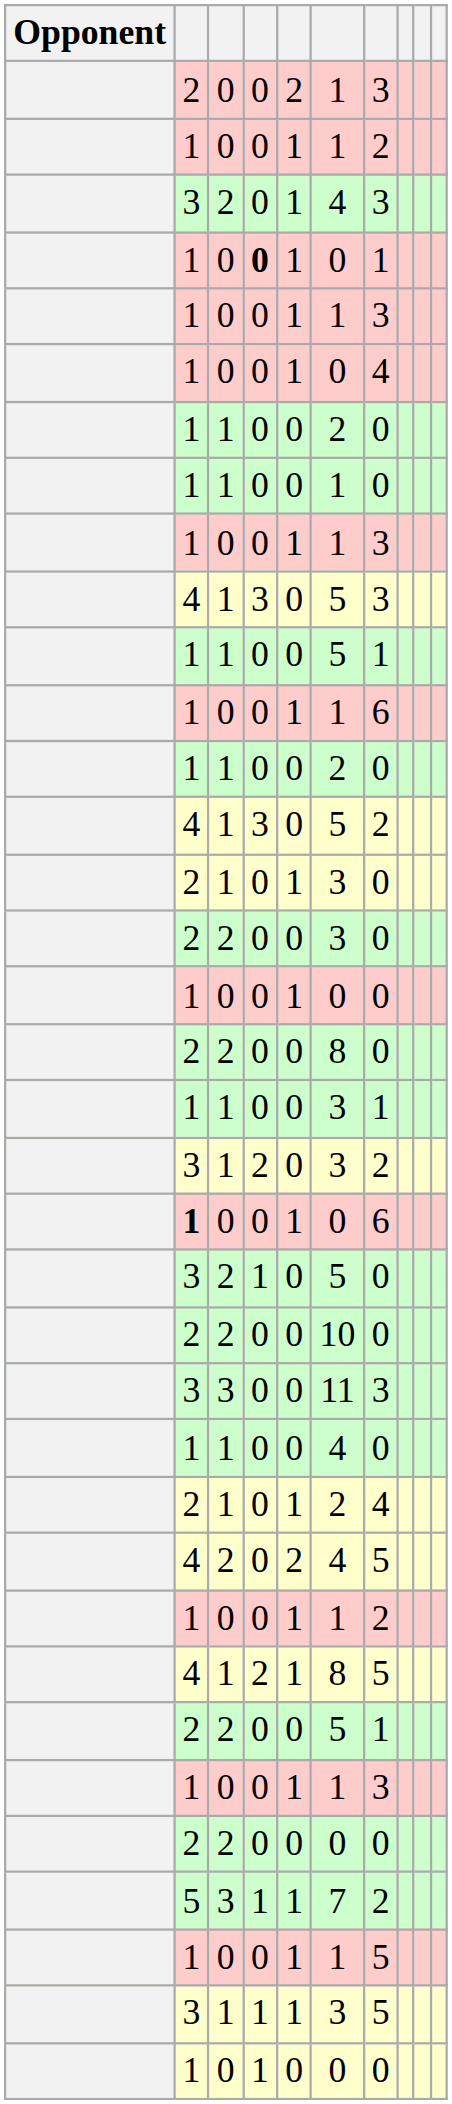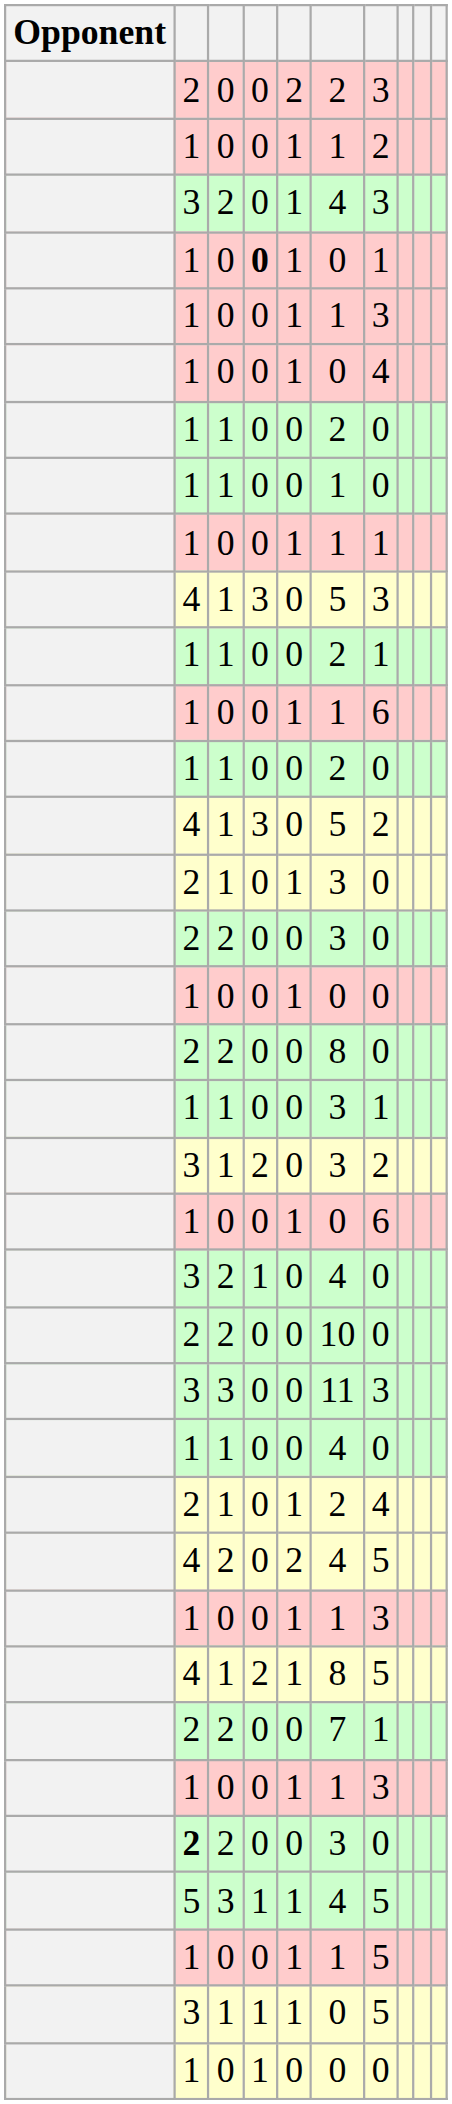 <table class="wikitable plainrowheaders sortable" style="text-align:center">
 <tr>
 <th scope=col>Opponent</th>
 <th scope=col></th>
 <th scope=col></th>
 <th scope=col></th>
 <th scope=col></th>
 <th scope=col></th>
 <th scope=col></th>
 <th scope=col></th>
 <th scope=col></th>
 <th scope=col></th>
 </tr>
 <tr bgcolor=FFCCCC>
 <th scope=row style="text-align:left;"></th>
 <td>2</td>
 <td>0</td>
 <td>0</td>
 <td>2</td>
-<td>1</td>
+<td>2</td>
 <td>3</td>
 <td></td>
 <td></td>
 <td></td>
 </tr>
 <tr bgcolor=FFCCCC>
 <th scope=row style="text-align:left;"></th>
 <td>1</td>
 <td>0</td>
 <td>0</td>
 <td>1</td>
 <td>1</td>
 <td>2</td>
 <td></td>
 <td></td>
 <td></td>
 </tr>
 <tr bgcolor=CCFFCC>
 <th scope=row style="text-align:left;"></th>
 <td>3</td>
 <td>2</td>
 <td>0</td>
 <td>1</td>
 <td>4</td>
 <td>3</td>
 <td></td>
 <td></td>
 <td></td>
 </tr>
 <tr bgcolor=FFCCCC>
 <th scope=row style="text-align:left;"></th>
 <td>1</td>
 <td>0</td>
 <td><strong>0</strong></td>
 <td>1</td>
 <td>0</td>
 <td>1</td>
 <td></td>
 <td></td>
 <td></td>
 </tr>
 <tr bgcolor=FFCCCC>
 <th scope=row style="text-align:left;"></th>
 <td>1</td>
 <td>0</td>
 <td>0</td>
 <td>1</td>
 <td>1</td>
 <td>3</td>
 <td></td>
 <td></td>
 <td></td>
 </tr>
 <tr bgcolor=FFCCCC>
 <th scope=row style="text-align:left;"></th>
 <td>1</td>
 <td>0</td>
 <td>0</td>
 <td>1</td>
 <td>0</td>
 <td>4</td>
 <td></td>
 <td></td>
 <td></td>
 </tr>
 <tr bgcolor=CCFFCC>
 <th scope=row style="text-align:left;"></th>
 <td>1</td>
 <td>1</td>
 <td>0</td>
 <td>0</td>
 <td>2</td>
 <td>0</td>
 <td></td>
 <td></td>
 <td></td>
 </tr>
 <tr bgcolor=CCFFCC>
 <th scope=row style="text-align:left;"></th>
 <td>1</td>
 <td>1</td>
 <td>0</td>
 <td>0</td>
 <td>1</td>
 <td>0</td>
 <td></td>
 <td></td>
 <td></td>
 </tr>
 <tr bgcolor=FFCCCC>
 <th scope=row style="text-align:left;"></th>
 <td>1</td>
 <td>0</td>
 <td>0</td>
 <td>1</td>
 <td>1</td>
-<td>3</td>
+<td>1</td>
 <td></td>
 <td></td>
 <td></td>
 </tr>
 <tr bgcolor=FFFFCC>
 <th scope=row style="text-align:left;"></th>
 <td>4</td>
 <td>1</td>
 <td>3</td>
 <td>0</td>
 <td>5</td>
 <td>3</td>
 <td></td>
 <td></td>
 <td></td>
 </tr>
 <tr bgcolor=CCFFCC>
 <th scope=row style="text-align:left;"></th>
 <td>1</td>
 <td>1</td>
 <td>0</td>
 <td>0</td>
-<td>5</td>
+<td>2</td>
 <td>1</td>
 <td></td>
 <td></td>
 <td></td>
 </tr>
 <tr bgcolor=FFCCCC>
 <th scope=row style="text-align:left;"></th>
 <td>1</td>
 <td>0</td>
 <td>0</td>
 <td>1</td>
 <td>1</td>
 <td>6</td>
 <td></td>
 <td></td>
 <td></td>
 </tr>
 <tr bgcolor=CCFFCC>
 <th scope=row style="text-align:left;"></th>
 <td>1</td>
 <td>1</td>
 <td>0</td>
 <td>0</td>
 <td>2</td>
 <td>0</td>
 <td></td>
 <td></td>
 <td></td>
 </tr>
 <tr bgcolor=FFFFCC>
 <th scope=row style="text-align:left;"></th>
 <td>4</td>
 <td>1</td>
 <td>3</td>
 <td>0</td>
 <td>5</td>
 <td>2</td>
 <td></td>
 <td></td>
 <td></td>
 </tr>
 <tr bgcolor=FFFFCC>
 <th scope=row style="text-align:left;"></th>
 <td>2</td>
 <td>1</td>
 <td>0</td>
 <td>1</td>
 <td>3</td>
 <td>0</td>
 <td></td>
 <td></td>
 <td></td>
 </tr>
 <tr bgcolor=CCFFCC>
 <th scope=row style="text-align:left;"></th>
 <td>2</td>
 <td>2</td>
 <td>0</td>
 <td>0</td>
 <td>3</td>
 <td>0</td>
 <td></td>
 <td></td>
 <td></td>
 </tr>
 <tr bgcolor=FFCCCC>
 <th scope=row style="text-align:left;"></th>
 <td>1</td>
 <td>0</td>
 <td>0</td>
 <td>1</td>
 <td>0</td>
 <td>0</td>
 <td></td>
 <td></td>
 <td></td>
 </tr>
 <tr bgcolor=CCFFCC>
 <th scope=row style="text-align:left;"></th>
 <td>2</td>
 <td>2</td>
 <td>0</td>
 <td>0</td>
 <td>8</td>
 <td>0</td>
 <td></td>
 <td></td>
 <td></td>
 </tr>
 <tr bgcolor=CCFFCC>
 <th scope=row style="text-align:left;"></th>
 <td>1</td>
 <td>1</td>
 <td>0</td>
 <td>0</td>
 <td>3</td>
 <td>1</td>
 <td></td>
 <td></td>
 <td></td>
 </tr>
 <tr bgcolor=FFFFCC>
 <th scope=row style="text-align:left;"></th>
 <td>3</td>
 <td>1</td>
 <td>2</td>
 <td>0</td>
 <td>3</td>
 <td>2</td>
 <td></td>
 <td></td>
 <td></td>
 </tr>
 <tr bgcolor=FFCCCC>
 <th scope=row style="text-align:left;"></th>
-<td><strong>1</strong></td>
+<td>1</td>
 <td>0</td>
 <td>0</td>
 <td>1</td>
 <td>0</td>
 <td>6</td>
 <td></td>
 <td></td>
 <td></td>
 </tr>
 <tr bgcolor=CCFFCC>
 <th scope=row style="text-align:left;"></th>
 <td>3</td>
 <td>2</td>
 <td>1</td>
 <td>0</td>
-<td>5</td>
+<td>4</td>
 <td>0</td>
 <td></td>
 <td></td>
 <td></td>
 </tr>
 <tr bgcolor=CCFFCC>
 <th scope=row style="text-align:left;"></th>
 <td>2</td>
 <td>2</td>
 <td>0</td>
 <td>0</td>
 <td>10</td>
 <td>0</td>
 <td></td>
 <td></td>
 <td></td>
 </tr>
 <tr bgcolor=CCFFCC>
 <th scope=row style="text-align:left;"></th>
 <td>3</td>
 <td>3</td>
 <td>0</td>
 <td>0</td>
 <td>11</td>
 <td>3</td>
 <td></td>
 <td></td>
 <td></td>
 </tr>
 <tr bgcolor=CCFFCC>
 <th scope=row style="text-align:left;"></th>
 <td>1</td>
 <td>1</td>
 <td>0</td>
 <td>0</td>
 <td>4</td>
 <td>0</td>
 <td></td>
 <td></td>
 <td></td>
 </tr>
 <tr bgcolor=FFFFCC>
 <th scope=row style="text-align:left;"></th>
 <td>2</td>
 <td>1</td>
 <td>0</td>
 <td>1</td>
 <td>2</td>
 <td>4</td>
 <td></td>
 <td></td>
 <td></td>
 </tr>
 <tr bgcolor=FFFFCC>
 <th scope=row style="text-align:left;"></th>
 <td>4</td>
 <td>2</td>
 <td>0</td>
 <td>2</td>
 <td>4</td>
 <td>5</td>
 <td></td>
 <td></td>
 <td></td>
 </tr>
 <tr bgcolor=FFCCCC>
 <th scope=row style="text-align:left;"></th>
 <td>1</td>
 <td>0</td>
 <td>0</td>
 <td>1</td>
 <td>1</td>
-<td>2</td>
+<td>3</td>
 <td></td>
 <td></td>
 <td></td>
 </tr>
 <tr bgcolor=FFFFCC>
 <th scope=row style="text-align:left;"></th>
 <td>4</td>
 <td>1</td>
 <td>2</td>
 <td>1</td>
 <td>8</td>
 <td>5</td>
 <td></td>
 <td></td>
 <td></td>
 </tr>
 <tr bgcolor=CCFFCC>
 <th scope=row style="text-align:left;"></th>
 <td>2</td>
 <td>2</td>
 <td>0</td>
 <td>0</td>
-<td>5</td>
+<td>7</td>
 <td>1</td>
 <td></td>
 <td></td>
 <td></td>
 </tr>
 <tr bgcolor=FFCCCC>
 <th scope=row style="text-align:left;"></th>
 <td>1</td>
 <td>0</td>
 <td>0</td>
 <td>1</td>
 <td>1</td>
 <td>3</td>
 <td></td>
 <td></td>
 <td></td>
 </tr>
 <tr bgcolor=CCFFCC>
 <th scope=row style="text-align:left;"></th>
-<td>2</td>
+<td><strong>2</strong></td>
 <td>2</td>
 <td>0</td>
 <td>0</td>
-<td>0</td>
+<td>3</td>
 <td>0</td>
 <td></td>
 <td></td>
 <td></td>
 </tr>
 <tr bgcolor=CCFFCC>
 <th scope=row style="text-align:left;"></th>
 <td>5</td>
 <td>3</td>
 <td>1</td>
 <td>1</td>
-<td>7</td>
-<td>2</td>
+<td>4</td>
+<td>5</td>
 <td></td>
 <td></td>
 <td></td>
 </tr>
 <tr bgcolor=FFCCCC>
 <th scope=row style="text-align:left;"></th>
 <td>1</td>
 <td>0</td>
 <td>0</td>
 <td>1</td>
 <td>1</td>
 <td>5</td>
 <td></td>
 <td></td>
 <td></td>
 </tr>
 <tr bgcolor=FFFFCC>
 <th scope=row style="text-align:left;"></th>
 <td>3</td>
 <td>1</td>
 <td>1</td>
 <td>1</td>
-<td>3</td>
+<td>0</td>
 <td>5</td>
 <td></td>
 <td></td>
 <td></td>
 </tr>
 <tr bgcolor=FFFFCC>
 <th scope=row style="text-align:left;"></th>
 <td>1</td>
 <td>0</td>
 <td>1</td>
 <td>0</td>
 <td>0</td>
 <td>0</td>
 <td></td>
 <td></td>
 <td></td>
 </tr>
 <tr>
 </tr>
 </table>
